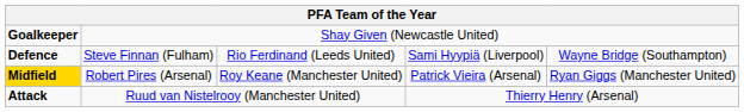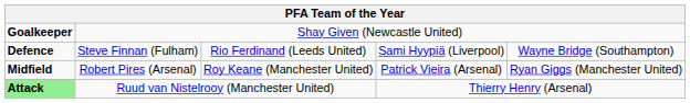 <table class="wikitable">
 <tr>
 <th colspan="13">PFA Team of the Year</th>
 </tr>
 <tr>
 <td><strong>Goalkeeper</strong></td>
 <td colspan="12" align="center"> <a href='#'>Shay Given</a> (Newcastle United)</td>
 </tr>
 <tr>
 <td><strong>Defence</strong></td>
 <td colspan="3" align="center"> <a href='#'>Steve Finnan</a> (Fulham)</td>
 <td colspan="3" align="center"> <a href='#'>Rio Ferdinand</a> (Leeds United)</td>
 <td colspan="3" align="center"> <a href='#'>Sami Hyypiä</a> (Liverpool)</td>
 <td colspan="3" align="center"> <a href='#'>Wayne Bridge</a> (Southampton)</td>
 </tr>
 <tr>
-<td style="background: gold;"><strong>Midfield</strong></td>
+<td><strong>Midfield</strong></td>
 <td colspan="3" align="center"> <a href='#'>Robert Pires</a> (Arsenal)</td>
 <td colspan="3" align="center"> <a href='#'>Roy Keane</a> (Manchester United)</td>
 <td colspan="3" align="center"> <a href='#'>Patrick Vieira</a> (Arsenal)</td>
 <td colspan="3" align="center"> <a href='#'>Ryan Giggs</a> (Manchester United)</td>
 </tr>
 <tr>
-<td><strong>Attack</strong></td>
+<td style="background: lightgreen;"><strong>Attack</strong></td>
 <td colspan="6" align="center"> <a href='#'>Ruud van Nistelrooy</a> (Manchester United)</td>
 <td colspan="6" align="center"> <a href='#'>Thierry Henry</a> (Arsenal)</td>
 </tr>
 </table>
